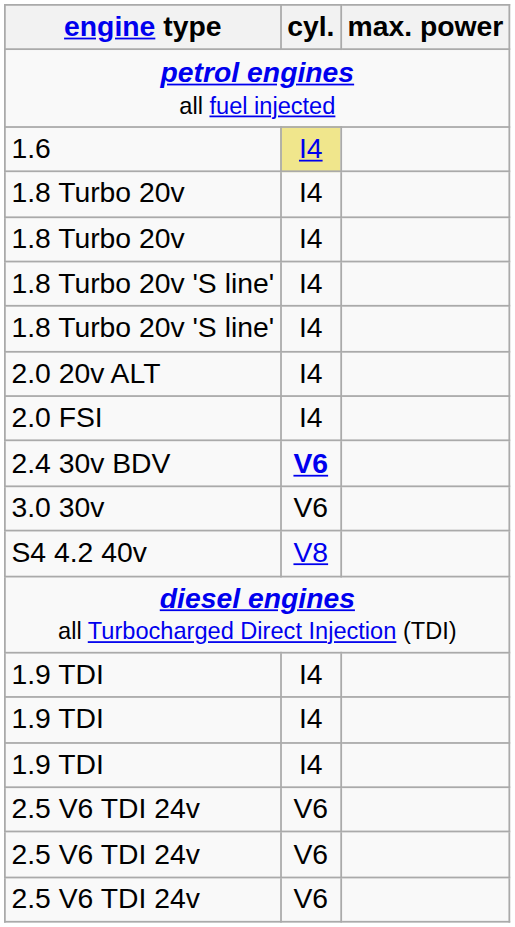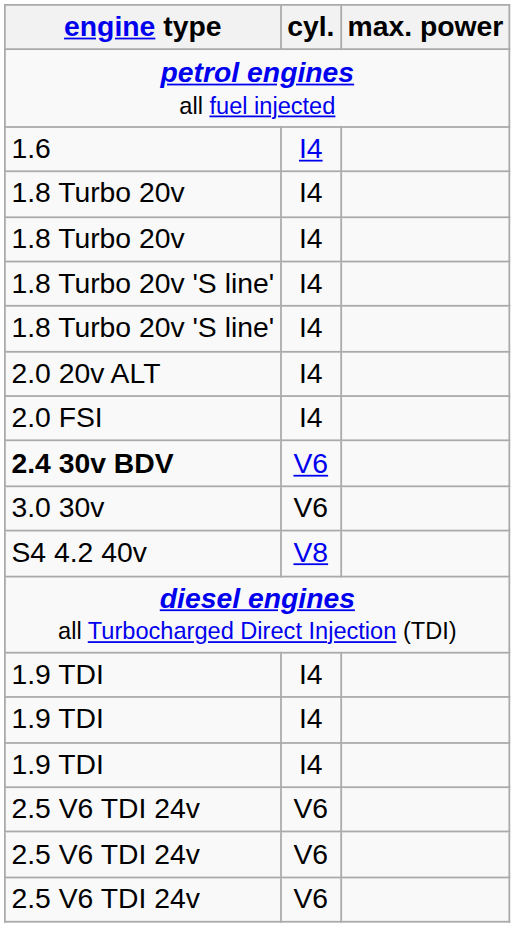 <table class="wikitable" style="text-align: center">
 <tr>
 <th><a href='#'>engine</a> type</th>
 <th>cyl.</th>
 <th>max. power</th>
 </tr>
 <tr>
 <td colspan="3"><strong><em><a href='#'>petrol engines</a></em></strong><br><small>all <a href='#'>fuel injected</a></small></td>
 </tr>
 <tr>
 <td style="text-align:left;">1.6</td>
-<td style="background: khaki;"><a href='#'>I4</a></td>
+<td><a href='#'>I4</a></td>
 <td></td>
 </tr>
 <tr>
 <td style="text-align:left;">1.8 Turbo 20v</td>
 <td>I4</td>
 <td></td>
 </tr>
 <tr>
 <td style="text-align:left;">1.8 Turbo 20v</td>
 <td>I4</td>
 <td></td>
 </tr>
 <tr>
 <td style="text-align:left;">1.8 Turbo 20v 'S line'</td>
 <td>I4</td>
 <td></td>
 </tr>
 <tr>
 <td style="text-align:left;">1.8 Turbo 20v 'S line'</td>
 <td>I4</td>
 <td></td>
 </tr>
 <tr>
 <td style="text-align:left;">2.0 20v ALT</td>
 <td>I4</td>
 <td></td>
 </tr>
 <tr>
 <td style="text-align:left;">2.0 FSI</td>
 <td>I4</td>
 <td></td>
 </tr>
 <tr>
-<td style="text-align:left;">2.4 30v BDV</td>
-<td><strong><a href='#'>V6</a></strong></td>
+<td style="text-align:left;"><strong>2.4 30v BDV</strong></td>
+<td><a href='#'>V6</a></td>
 <td></td>
 </tr>
 <tr>
 <td style="text-align:left;">3.0 30v</td>
 <td>V6</td>
 <td></td>
 </tr>
 <tr>
 <td style="text-align:left;">S4 4.2 40v</td>
 <td><a href='#'>V8</a></td>
 <td></td>
 </tr>
 <tr>
 <td colspan="3"><strong><em><a href='#'>diesel engines</a></em></strong><br><small>all <a href='#'>Turbocharged Direct Injection</a> (TDI)</small></td>
 </tr>
 <tr>
 <td style="text-align:left;">1.9 TDI</td>
 <td>I4</td>
 <td></td>
 </tr>
 <tr>
 <td style="text-align:left;">1.9 TDI</td>
 <td>I4</td>
 <td></td>
 </tr>
 <tr>
 <td style="text-align:left;">1.9 TDI</td>
 <td>I4</td>
 <td></td>
 </tr>
 <tr>
 <td style="text-align:left;">2.5 V6 TDI 24v</td>
 <td>V6</td>
 <td></td>
 </tr>
 <tr>
 <td style="text-align:left;">2.5 V6 TDI 24v</td>
 <td>V6</td>
 <td></td>
 </tr>
 <tr>
 <td style="text-align:left;">2.5 V6 TDI 24v</td>
 <td>V6</td>
 <td></td>
 </tr>
 </table>
